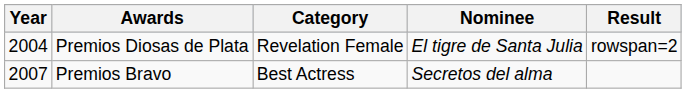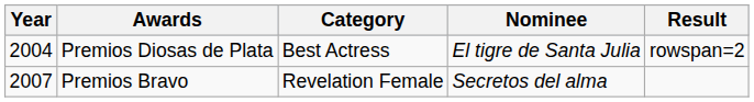 <table class="wikitable">
 <tr style="background:#b0c4de;">
 <th>Year</th>
 <th>Awards</th>
 <th>Category</th>
 <th>Nominee</th>
 <th>Result</th>
 </tr>
 <tr>
 <td>2004</td>
 <td>Premios Diosas de Plata</td>
-<td>Revelation Female</td>
+<td>Best Actress</td>
 <td><em>El tigre de Santa Julia</em></td>
 <td>rowspan=2 </td>
 </tr>
 <tr>
 <td>2007</td>
 <td>Premios Bravo</td>
-<td>Best Actress</td>
+<td>Revelation Female</td>
 <td><em>Secretos del alma</em></td>
 </tr>
 </table>
